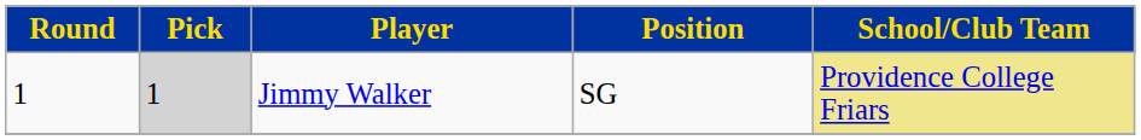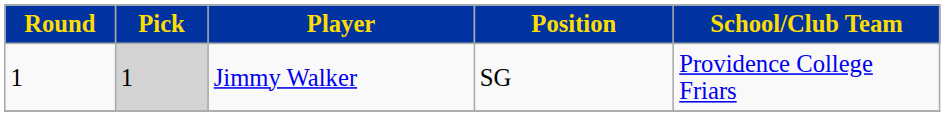 <table class="wikitable sortable sortable">
 <tr>
 <th style="background:#0032A0;color:#FEDD00;" width="7%">Round</th>
 <th style="background:#0032A0;color:#FEDD00;" width="7%">Pick</th>
 <th style="background:#0032A0;color:#FEDD00;" width="20%">Player</th>
 <th style="background:#0032A0;color:#FEDD00;" width="15%">Position</th>
 <th style="background:#0032A0;color:#FEDD00;" width="20%">School/Club Team</th>
 </tr>
 <tr>
 <td>1</td>
 <td style="background: lightgrey;">1</td>
 <td><a href='#'>Jimmy Walker</a></td>
 <td>SG</td>
-<td style="background: khaki;"><a href='#'>Providence College Friars</a></td>
+<td><a href='#'>Providence College Friars</a></td>
 </tr>
 <tr>
 </tr>
 </table>
